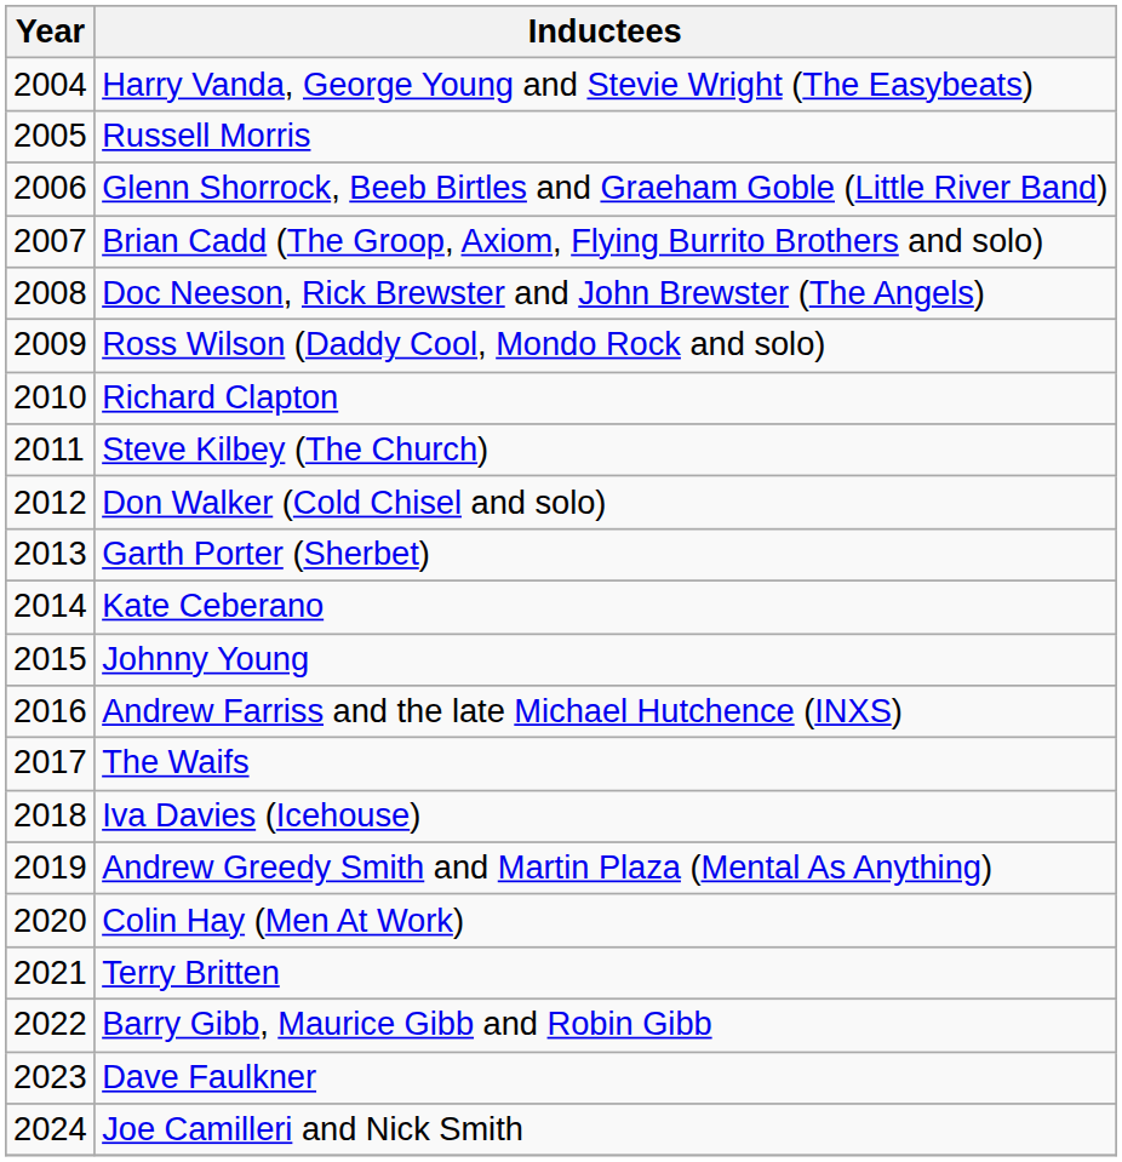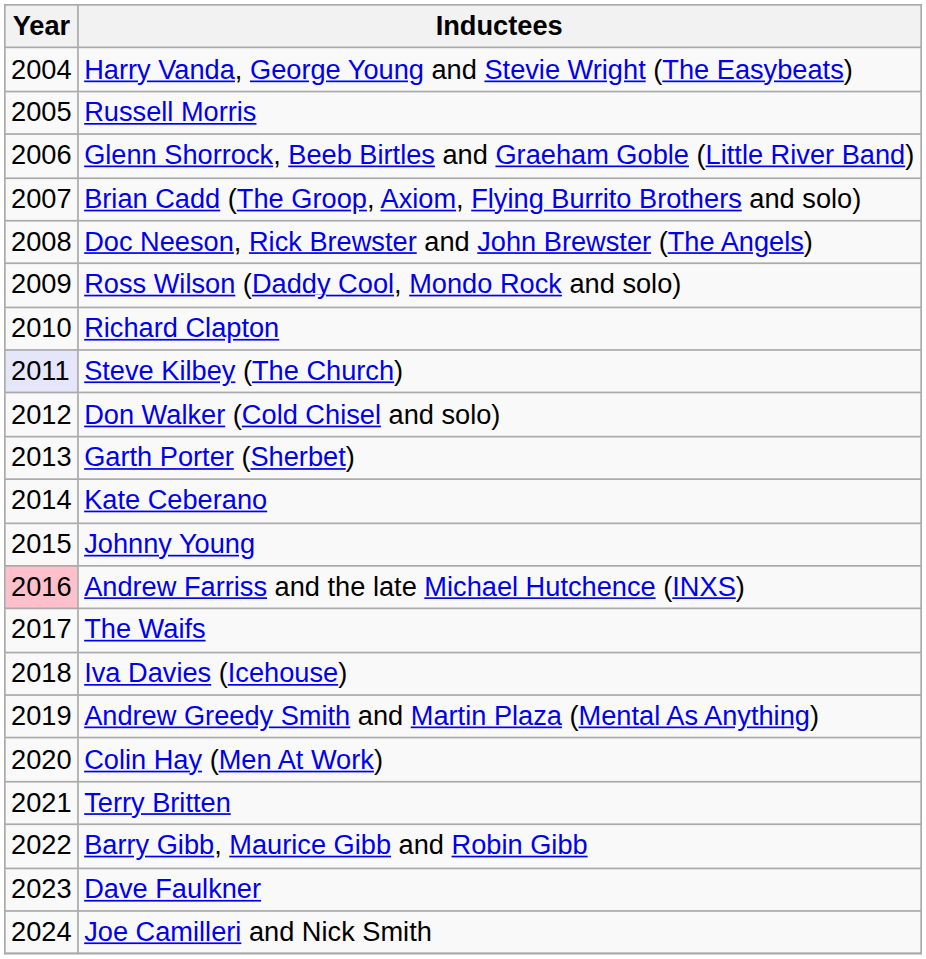 <table class="wikitable">
 <tr>
 <th>Year</th>
 <th>Inductees</th>
 </tr>
 <tr>
 <td>2004</td>
 <td><a href='#'>Harry Vanda</a>, <a href='#'>George Young</a> and <a href='#'>Stevie Wright</a> (<a href='#'>The Easybeats</a>)</td>
 </tr>
 <tr>
 <td>2005</td>
 <td><a href='#'>Russell Morris</a></td>
 </tr>
 <tr>
 <td>2006</td>
 <td><a href='#'>Glenn Shorrock</a>, <a href='#'>Beeb Birtles</a> and <a href='#'>Graeham Goble</a> (<a href='#'>Little River Band</a>)</td>
 </tr>
 <tr>
 <td>2007</td>
 <td><a href='#'>Brian Cadd</a> (<a href='#'>The Groop</a>, <a href='#'>Axiom</a>, <a href='#'>Flying Burrito Brothers</a> and solo)</td>
 </tr>
 <tr>
 <td>2008</td>
 <td><a href='#'>Doc Neeson</a>, <a href='#'>Rick Brewster</a> and <a href='#'>John Brewster</a> (<a href='#'>The Angels</a>)</td>
 </tr>
 <tr>
 <td>2009</td>
 <td><a href='#'>Ross Wilson</a> (<a href='#'>Daddy Cool</a>, <a href='#'>Mondo Rock</a> and solo)</td>
 </tr>
 <tr>
 <td>2010</td>
 <td><a href='#'>Richard Clapton</a></td>
 </tr>
 <tr>
-<td>2011</td>
+<td style="background: lavender;">2011</td>
 <td><a href='#'>Steve Kilbey</a> (<a href='#'>The Church</a>)</td>
 </tr>
 <tr>
 <td>2012</td>
 <td><a href='#'>Don Walker</a> (<a href='#'>Cold Chisel</a> and solo)</td>
 </tr>
 <tr>
 <td>2013</td>
 <td><a href='#'>Garth Porter</a> (<a href='#'>Sherbet</a>)</td>
 </tr>
 <tr>
 <td>2014</td>
 <td><a href='#'>Kate Ceberano</a></td>
 </tr>
 <tr>
 <td>2015</td>
 <td><a href='#'>Johnny Young</a></td>
 </tr>
 <tr>
-<td>2016</td>
+<td style="background: pink;">2016</td>
 <td><a href='#'>Andrew Farriss</a> and the late <a href='#'>Michael Hutchence</a> (<a href='#'>INXS</a>)</td>
 </tr>
 <tr>
 <td>2017</td>
 <td><a href='#'>The Waifs</a></td>
 </tr>
 <tr>
 <td>2018</td>
 <td><a href='#'>Iva Davies</a> (<a href='#'>Icehouse</a>)</td>
 </tr>
 <tr>
 <td>2019</td>
 <td><a href='#'>Andrew Greedy Smith</a> and <a href='#'>Martin Plaza</a> (<a href='#'>Mental As Anything</a>)</td>
 </tr>
 <tr>
 <td>2020</td>
 <td><a href='#'>Colin Hay</a> (<a href='#'>Men At Work</a>)</td>
 </tr>
 <tr>
 <td>2021</td>
 <td><a href='#'>Terry Britten</a></td>
 </tr>
 <tr>
 <td>2022</td>
 <td><a href='#'>Barry Gibb</a>, <a href='#'>Maurice Gibb</a> and <a href='#'>Robin Gibb</a></td>
 </tr>
 <tr>
 <td>2023</td>
 <td><a href='#'>Dave Faulkner</a></td>
 </tr>
 <tr>
 <td>2024</td>
 <td><a href='#'>Joe Camilleri</a> and Nick Smith</td>
 </tr>
 <tr>
 </tr>
 </table>
